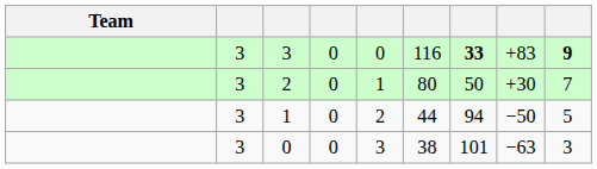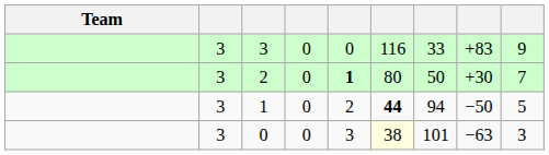 <table class="wikitable" style="text-align:center; font-size:95%;">
 <tr>
 <th width=160>Team</th>
 <th width=30></th>
 <th width=30></th>
 <th width=30></th>
 <th width=30></th>
 <th width=30></th>
 <th width=30></th>
 <th width=30></th>
 <th width=30></th>
 </tr>
 <tr style="background:#ccffcc">
 <td align=left></td>
 <td>3</td>
 <td>3</td>
 <td>0</td>
 <td>0</td>
 <td>116</td>
-<td><strong>33</strong></td>
+<td>33</td>
 <td>+83</td>
-<td><strong>9</strong></td>
+<td>9</td>
 </tr>
 <tr style="background:#ccffcc">
 <td align=left></td>
 <td>3</td>
 <td>2</td>
 <td>0</td>
-<td>1</td>
+<td><strong>1</strong></td>
 <td>80</td>
 <td>50</td>
 <td>+30</td>
 <td>7</td>
 </tr>
 <tr>
 <td align=left></td>
 <td>3</td>
 <td>1</td>
 <td>0</td>
 <td>2</td>
-<td>44</td>
+<td><strong>44</strong></td>
 <td>94</td>
 <td>−50</td>
 <td>5</td>
 </tr>
 <tr>
 <td align=left></td>
 <td>3</td>
 <td>0</td>
 <td>0</td>
 <td>3</td>
-<td>38</td>
+<td style="background: lightyellow;">38</td>
 <td>101</td>
 <td>−63</td>
 <td>3</td>
 </tr>
 </table>
